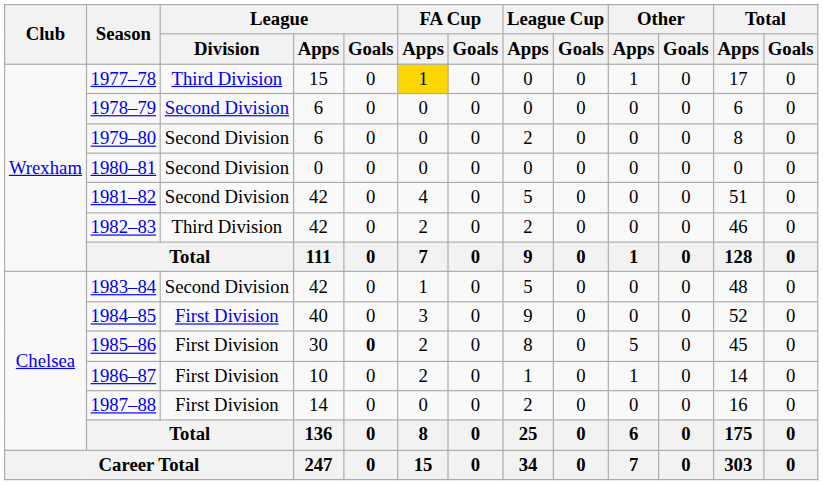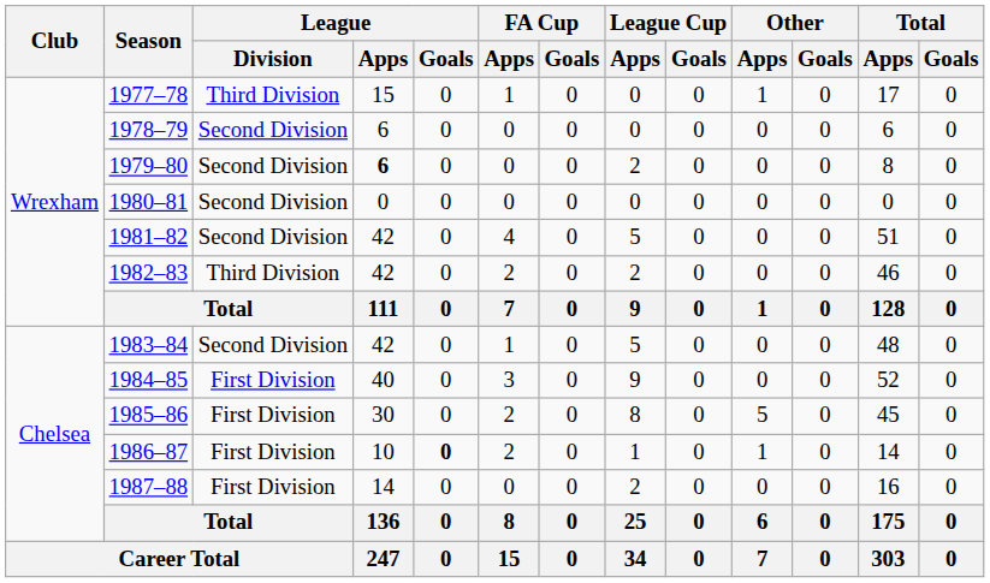 <table class="wikitable" style="text-align: center;">
 <tr>
 <th rowspan="2">Club</th>
 <th rowspan="2">Season</th>
 <th colspan="3">League</th>
 <th colspan="2">FA Cup</th>
 <th colspan="2">League Cup</th>
 <th colspan="2">Other</th>
 <th colspan="2">Total</th>
 </tr>
 <tr>
 <th>Division</th>
 <th>Apps</th>
 <th>Goals</th>
 <th>Apps</th>
 <th>Goals</th>
 <th>Apps</th>
 <th>Goals</th>
 <th>Apps</th>
 <th>Goals</th>
 <th>Apps</th>
 <th>Goals</th>
 </tr>
 <tr>
 <td rowspan="7"><a href='#'>Wrexham</a></td>
 <td><a href='#'>1977–78</a></td>
 <td><a href='#'>Third Division</a></td>
 <td>15</td>
 <td>0</td>
-<td style="background: gold;">1</td>
+<td>1</td>
 <td>0</td>
 <td>0</td>
 <td>0</td>
 <td>1</td>
 <td>0</td>
 <td>17</td>
 <td>0</td>
 </tr>
 <tr>
 <td><a href='#'>1978–79</a></td>
 <td><a href='#'>Second Division</a></td>
 <td>6</td>
 <td>0</td>
 <td>0</td>
 <td>0</td>
 <td>0</td>
 <td>0</td>
 <td>0</td>
 <td>0</td>
 <td>6</td>
 <td>0</td>
 </tr>
 <tr>
 <td><a href='#'>1979–80</a></td>
 <td>Second Division</td>
-<td>6</td>
+<td><strong>6</strong></td>
 <td>0</td>
 <td>0</td>
 <td>0</td>
 <td>2</td>
 <td>0</td>
 <td>0</td>
 <td>0</td>
 <td>8</td>
 <td>0</td>
 </tr>
 <tr>
 <td><a href='#'>1980–81</a></td>
 <td>Second Division</td>
 <td>0</td>
 <td>0</td>
 <td>0</td>
 <td>0</td>
 <td>0</td>
 <td>0</td>
 <td>0</td>
 <td>0</td>
 <td>0</td>
 <td>0</td>
 </tr>
 <tr>
 <td><a href='#'>1981–82</a></td>
 <td>Second Division</td>
 <td>42</td>
 <td>0</td>
 <td>4</td>
 <td>0</td>
 <td>5</td>
 <td>0</td>
 <td>0</td>
 <td>0</td>
 <td>51</td>
 <td>0</td>
 </tr>
 <tr>
 <td><a href='#'>1982–83</a></td>
 <td>Third Division</td>
 <td>42</td>
 <td>0</td>
 <td>2</td>
 <td>0</td>
 <td>2</td>
 <td>0</td>
 <td>0</td>
 <td>0</td>
 <td>46</td>
 <td>0</td>
 </tr>
 <tr>
 <th colspan="2">Total</th>
 <th>111</th>
 <th>0</th>
 <th>7</th>
 <th>0</th>
 <th>9</th>
 <th>0</th>
 <th>1</th>
 <th>0</th>
 <th>128</th>
 <th>0</th>
 </tr>
 <tr>
 <td rowspan="6"><a href='#'>Chelsea</a></td>
 <td><a href='#'>1983–84</a></td>
 <td>Second Division</td>
 <td>42</td>
 <td>0</td>
 <td>1</td>
 <td>0</td>
 <td>5</td>
 <td>0</td>
 <td>0</td>
 <td>0</td>
 <td>48</td>
 <td>0</td>
 </tr>
 <tr>
 <td><a href='#'>1984–85</a></td>
 <td><a href='#'>First Division</a></td>
 <td>40</td>
 <td>0</td>
 <td>3</td>
 <td>0</td>
 <td>9</td>
 <td>0</td>
 <td>0</td>
 <td>0</td>
 <td>52</td>
 <td>0</td>
 </tr>
 <tr>
 <td><a href='#'>1985–86</a></td>
 <td>First Division</td>
 <td>30</td>
-<td><strong>0</strong></td>
+<td>0</td>
 <td>2</td>
 <td>0</td>
 <td>8</td>
 <td>0</td>
 <td>5</td>
 <td>0</td>
 <td>45</td>
 <td>0</td>
 </tr>
 <tr>
 <td><a href='#'>1986–87</a></td>
 <td>First Division</td>
 <td>10</td>
-<td>0</td>
+<td><strong>0</strong></td>
 <td>2</td>
 <td>0</td>
 <td>1</td>
 <td>0</td>
 <td>1</td>
 <td>0</td>
 <td>14</td>
 <td>0</td>
 </tr>
 <tr>
 <td><a href='#'>1987–88</a></td>
 <td>First Division</td>
 <td>14</td>
 <td>0</td>
 <td>0</td>
 <td>0</td>
 <td>2</td>
 <td>0</td>
 <td>0</td>
 <td>0</td>
 <td>16</td>
 <td>0</td>
 </tr>
 <tr>
 <th colspan="2">Total</th>
 <th>136</th>
 <th>0</th>
 <th>8</th>
 <th>0</th>
 <th>25</th>
 <th>0</th>
 <th>6</th>
 <th>0</th>
 <th>175</th>
 <th>0</th>
 </tr>
 <tr>
 <th colspan="3">Career Total</th>
 <th>247</th>
 <th>0</th>
 <th>15</th>
 <th>0</th>
 <th>34</th>
 <th>0</th>
 <th>7</th>
 <th>0</th>
 <th>303</th>
 <th>0</th>
 </tr>
 </table>
